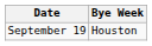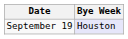 <table class="wikitable" style="font-size:95%;">
 <tr>
 <th>Date</th>
 <th colspan="1">Bye Week</th>
 </tr>
 <tr>
 <td>September 19</td>
-<td>Houston</td>
+<td style="background: lavender;">Houston</td>
 </tr>
 </table>
